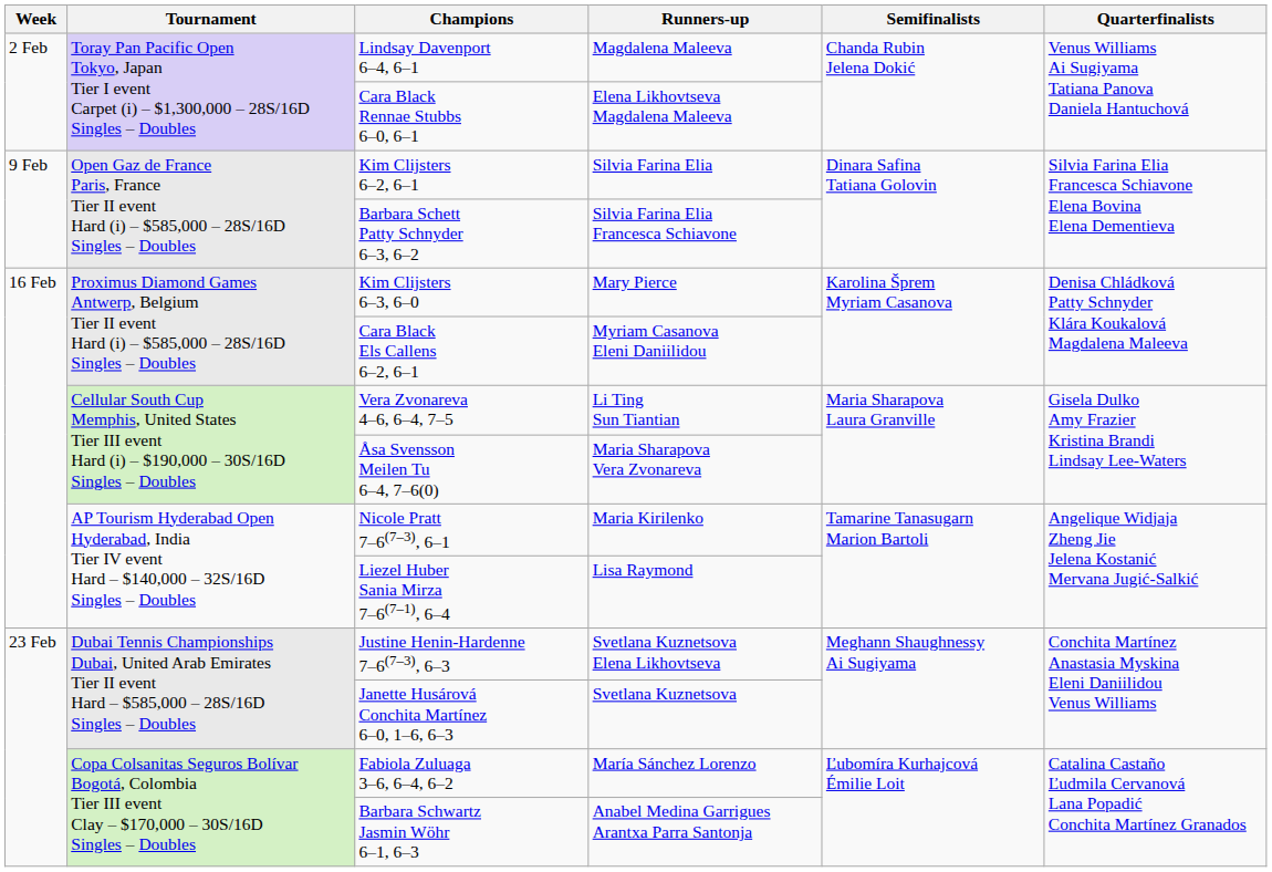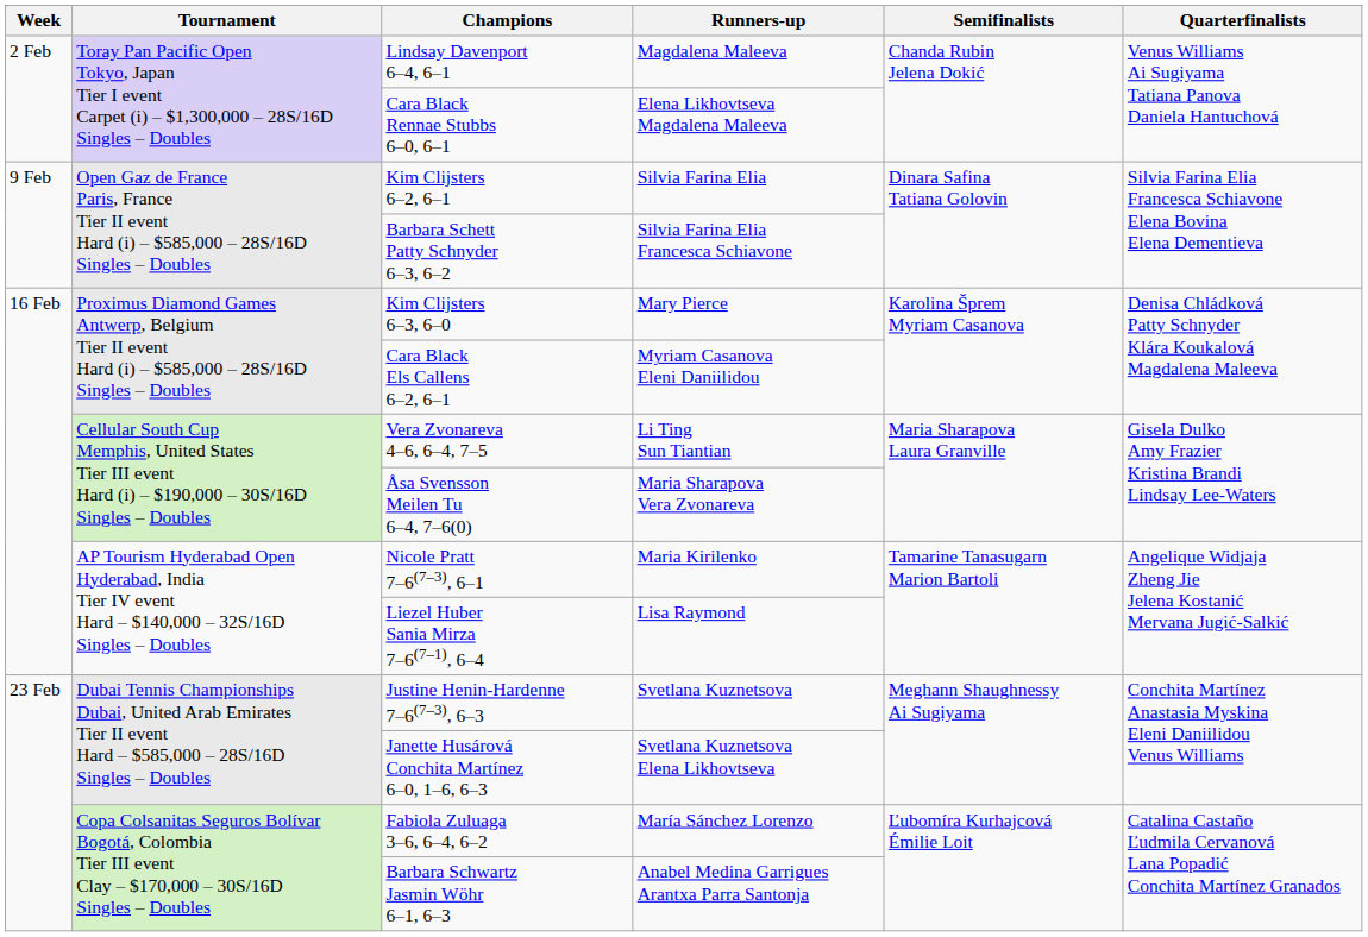 <table class=wikitable style=font-size:95%>
 <tr>
 <th style="width:48px;">Week</th>
 <th style="width:248px;">Tournament</th>
 <th style="width:200px;">Champions</th>
 <th style="width:200px;">Runners-up</th>
 <th style="width:190px;">Semifinalists</th>
 <th style="width:190px;">Quarterfinalists</th>
 </tr>
 <tr valign="top">
 <td rowspan=2>2 Feb</td>
 <td rowspan=2 style="background:#d8cef6;"><a href='#'>Toray Pan Pacific Open</a><br> <a href='#'>Tokyo</a>, Japan <br>Tier I event <br> Carpet (i) – $1,300,000 – 28S/16D<br><a href='#'>Singles</a> – <a href='#'>Doubles</a></td>
 <td> <a href='#'>Lindsay Davenport</a> <br> 6–4, 6–1</td>
 <td> <a href='#'>Magdalena Maleeva</a></td>
 <td rowspan=2> <a href='#'>Chanda Rubin</a><br> <a href='#'>Jelena Dokić</a></td>
 <td rowspan=2> <a href='#'>Venus Williams</a>  <br>  <a href='#'>Ai Sugiyama</a> <br> <a href='#'>Tatiana Panova</a><br>   <a href='#'>Daniela Hantuchová</a></td>
 </tr>
 <tr valign="top">
 <td> <a href='#'>Cara Black</a> <br>  <a href='#'>Rennae Stubbs</a><br>6–0, 6–1</td>
 <td> <a href='#'>Elena Likhovtseva</a> <br>  <a href='#'>Magdalena Maleeva</a></td>
 </tr>
 <tr valign="top">
 <td rowspan=2>9 Feb</td>
 <td rowspan=2 style="background:#e9e9e9;"><a href='#'>Open Gaz de France</a><br> <a href='#'>Paris</a>, France <br>Tier II event <br> Hard (i) – $585,000 – 28S/16D<br><a href='#'>Singles</a> – <a href='#'>Doubles</a></td>
 <td> <a href='#'>Kim Clijsters</a> <br> 6–2, 6–1</td>
 <td> <a href='#'>Silvia Farina Elia</a></td>
 <td rowspan=2> <a href='#'>Dinara Safina</a><br> <a href='#'>Tatiana Golovin</a></td>
 <td rowspan=2> <a href='#'>Silvia Farina Elia</a>  <br>  <a href='#'>Francesca Schiavone</a> <br> <a href='#'>Elena Bovina</a><br>   <a href='#'>Elena Dementieva</a></td>
 </tr>
 <tr valign="top">
 <td> <a href='#'>Barbara Schett</a> <br>  <a href='#'>Patty Schnyder</a><br>6–3, 6–2</td>
 <td> <a href='#'>Silvia Farina Elia</a> <br>  <a href='#'>Francesca Schiavone</a></td>
 </tr>
 <tr valign="top">
 <td rowspan=6>16 Feb</td>
 <td rowspan=2 style="background:#e9e9e9;"><a href='#'>Proximus Diamond Games</a><br> <a href='#'>Antwerp</a>, Belgium <br>Tier II event <br> Hard (i) – $585,000 – 28S/16D<br><a href='#'>Singles</a> – <a href='#'>Doubles</a></td>
 <td> <a href='#'>Kim Clijsters</a> <br> 6–3, 6–0</td>
 <td> <a href='#'>Mary Pierce</a></td>
 <td rowspan=2> <a href='#'>Karolina Šprem</a><br> <a href='#'>Myriam Casanova</a></td>
 <td rowspan=2> <a href='#'>Denisa Chládková</a>  <br>  <a href='#'>Patty Schnyder</a> <br> <a href='#'>Klára Koukalová</a><br>   <a href='#'>Magdalena Maleeva</a></td>
 </tr>
 <tr valign="top">
 <td> <a href='#'>Cara Black</a> <br>  <a href='#'>Els Callens</a><br>6–2, 6–1</td>
 <td> <a href='#'>Myriam Casanova</a> <br>  <a href='#'>Eleni Daniilidou</a></td>
 </tr>
 <tr valign="top">
 <td rowspan=2 style="background:#d4f1c5;"><a href='#'>Cellular South Cup</a><br> <a href='#'>Memphis</a>, United States <br>Tier III event <br> Hard (i) – $190,000 – 30S/16D<br><a href='#'>Singles</a> – <a href='#'>Doubles</a></td>
 <td> <a href='#'>Vera Zvonareva</a> <br> 4–6, 6–4, 7–5</td>
 <td> <a href='#'>Li Ting</a> <br>  <a href='#'>Sun Tiantian</a></td>
 <td rowspan=2> <a href='#'>Maria Sharapova</a><br> <a href='#'>Laura Granville</a></td>
 <td rowspan=2> <a href='#'>Gisela Dulko</a>  <br>  <a href='#'>Amy Frazier</a> <br> <a href='#'>Kristina Brandi</a><br>   <a href='#'>Lindsay Lee-Waters</a></td>
 </tr>
 <tr valign="top">
 <td> <a href='#'>Åsa Svensson</a> <br>  <a href='#'>Meilen Tu</a><br>6–4, 7–6(0)</td>
 <td> <a href='#'>Maria Sharapova</a> <br>  <a href='#'>Vera Zvonareva</a></td>
 </tr>
 <tr valign="top">
 <td rowspan=2><a href='#'>AP Tourism Hyderabad Open</a><br> <a href='#'>Hyderabad</a>, India <br>Tier IV event <br> Hard – $140,000 – 32S/16D<br><a href='#'>Singles</a> – <a href='#'>Doubles</a></td>
 <td> <a href='#'>Nicole Pratt</a> <br> 7–6<sup>(7–3)</sup>, 6–1</td>
 <td> <a href='#'>Maria Kirilenko</a></td>
 <td rowspan=2> <a href='#'>Tamarine Tanasugarn</a><br> <a href='#'>Marion Bartoli</a></td>
 <td rowspan=2> <a href='#'>Angelique Widjaja</a>  <br>  <a href='#'>Zheng Jie</a> <br> <a href='#'>Jelena Kostanić</a><br>   <a href='#'>Mervana Jugić-Salkić</a></td>
 </tr>
 <tr valign="top">
 <td> <a href='#'>Liezel Huber</a> <br>  <a href='#'>Sania Mirza</a><br>7–6<sup>(7–1)</sup>, 6–4</td>
 <td> <a href='#'>Lisa Raymond</a></td>
 </tr>
 <tr valign="top">
 <td rowspan=4>23 Feb</td>
 <td rowspan=2 style="background:#e9e9e9;"><a href='#'>Dubai Tennis Championships</a><br> <a href='#'>Dubai</a>, United Arab Emirates <br>Tier II event <br> Hard – $585,000 – 28S/16D<br><a href='#'>Singles</a> – <a href='#'>Doubles</a></td>
 <td> <a href='#'>Justine Henin-Hardenne</a> <br> 7–6<sup>(7–3)</sup>, 6–3</td>
-<td> <a href='#'>Svetlana Kuznetsova</a> <br>  <a href='#'>Elena Likhovtseva</a></td>
+<td> <a href='#'>Svetlana Kuznetsova</a></td>
 <td rowspan=2> <a href='#'>Meghann Shaughnessy</a><br> <a href='#'>Ai Sugiyama</a></td>
 <td rowspan=2> <a href='#'>Conchita Martínez</a>  <br>  <a href='#'>Anastasia Myskina</a> <br> <a href='#'>Eleni Daniilidou</a><br>   <a href='#'>Venus Williams</a></td>
 </tr>
 <tr valign="top">
 <td> <a href='#'>Janette Husárová</a> <br>  <a href='#'>Conchita Martínez</a><br>6–0, 1–6, 6–3</td>
-<td> <a href='#'>Svetlana Kuznetsova</a></td>
+<td> <a href='#'>Svetlana Kuznetsova</a> <br>  <a href='#'>Elena Likhovtseva</a></td>
 </tr>
 <tr valign="top">
 <td rowspan=2 style="background:#d4f1c5;"><a href='#'>Copa Colsanitas Seguros Bolívar</a><br> <a href='#'>Bogotá</a>, Colombia <br>Tier III event <br> Clay – $170,000 – 30S/16D<br><a href='#'>Singles</a> – <a href='#'>Doubles</a></td>
 <td> <a href='#'>Fabiola Zuluaga</a> <br> 3–6, 6–4, 6–2</td>
 <td> <a href='#'>María Sánchez Lorenzo</a></td>
 <td rowspan=2> <a href='#'>Ľubomíra Kurhajcová</a><br> <a href='#'>Émilie Loit</a></td>
 <td rowspan=2> <a href='#'>Catalina Castaño</a>  <br>  <a href='#'>Ľudmila Cervanová</a> <br> <a href='#'>Lana Popadić</a><br>   <a href='#'>Conchita Martínez Granados</a></td>
 </tr>
 <tr valign="top">
 <td> <a href='#'>Barbara Schwartz</a> <br>  <a href='#'>Jasmin Wöhr</a><br>6–1, 6–3</td>
 <td> <a href='#'>Anabel Medina Garrigues</a> <br>  <a href='#'>Arantxa Parra Santonja</a></td>
 </tr>
 </table>
